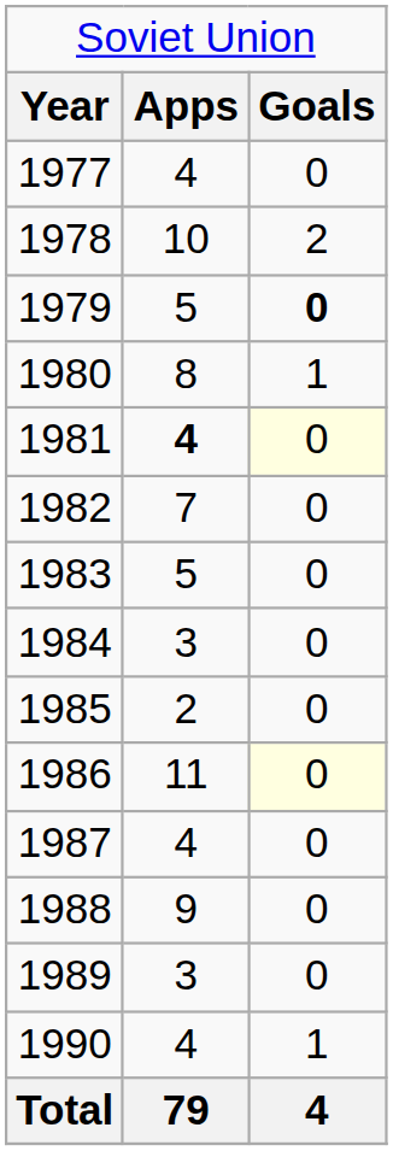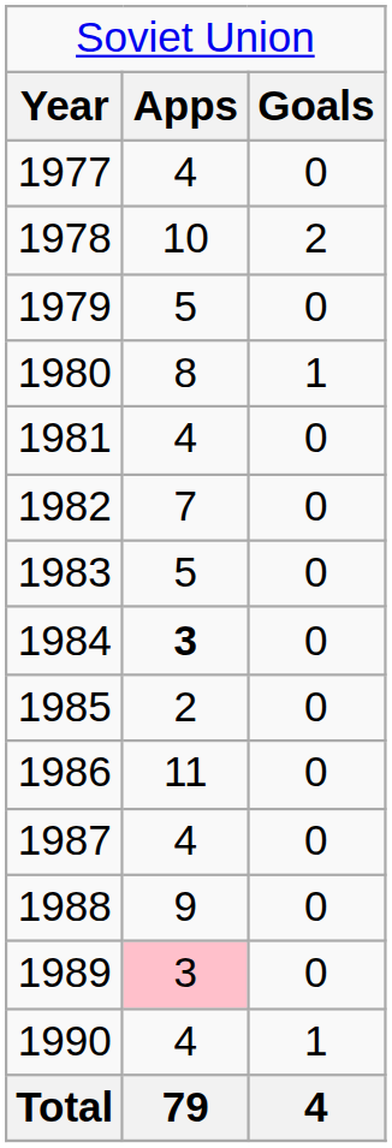 <table class="wikitable" style="text-align:center">
 <tr>
 <td colspan=3><a href='#'>Soviet Union</a></td>
 </tr>
 <tr>
 <th>Year</th>
 <th width="40">Apps</th>
 <th width="40">Goals</th>
 </tr>
 <tr>
 <td>1977</td>
 <td>4</td>
 <td>0</td>
 </tr>
 <tr>
 <td>1978</td>
 <td>10</td>
 <td>2</td>
 </tr>
 <tr>
 <td>1979</td>
 <td>5</td>
-<td><strong>0</strong></td>
+<td>0</td>
 </tr>
 <tr>
 <td>1980</td>
 <td>8</td>
 <td>1</td>
 </tr>
 <tr>
 <td>1981</td>
-<td><strong>4</strong></td>
-<td style="background: lightyellow;">0</td>
+<td>4</td>
+<td>0</td>
 </tr>
 <tr>
 <td>1982</td>
 <td>7</td>
 <td>0</td>
 </tr>
 <tr>
 <td>1983</td>
 <td>5</td>
 <td>0</td>
 </tr>
 <tr>
 <td>1984</td>
-<td>3</td>
+<td><strong>3</strong></td>
 <td>0</td>
 </tr>
 <tr>
 <td>1985</td>
 <td>2</td>
 <td>0</td>
 </tr>
 <tr>
 <td>1986</td>
 <td>11</td>
-<td style="background: lightyellow;">0</td>
+<td>0</td>
 </tr>
 <tr>
 <td>1987</td>
 <td>4</td>
 <td>0</td>
 </tr>
 <tr>
 <td>1988</td>
 <td>9</td>
 <td>0</td>
 </tr>
 <tr>
 <td>1989</td>
-<td>3</td>
+<td style="background: pink;">3</td>
 <td>0</td>
 </tr>
 <tr>
 <td>1990</td>
 <td>4</td>
 <td>1</td>
 </tr>
 <tr>
 <th colspan="1">Total</th>
 <th>79</th>
 <th>4</th>
 </tr>
 <tr>
 </tr>
 </table>
